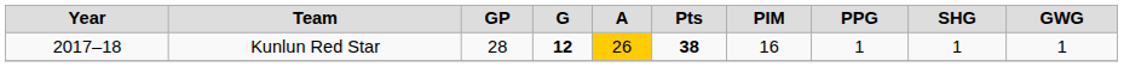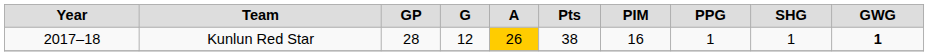 <table class="wikitable" style="width:80%;">
 <tr style="text-align:center; background:#ddd;">
 <td><strong>Year</strong></td>
 <td><strong>Team</strong></td>
 <td><strong>GP</strong></td>
 <td><strong>G</strong></td>
 <td><strong>A</strong></td>
 <td><strong>Pts</strong></td>
 <td><strong>PIM</strong></td>
 <td><strong>PPG</strong></td>
 <td><strong>SHG</strong></td>
 <td><strong>GWG</strong></td>
 </tr>
 <tr style="text-align:center;" bgcolor="">
 <td>2017–18</td>
 <td>Kunlun Red Star</td>
 <td>28</td>
-<td><strong>12</strong></td>
+<td>12</td>
 <td style="background:#fc0;">26</td>
-<td><strong>38</strong></td>
+<td>38</td>
 <td>16</td>
 <td>1</td>
 <td>1</td>
-<td>1</td>
+<td><strong>1</strong></td>
 </tr>
 <tr style="text-align:center;" bgcolor="">
 </tr>
 </table>
